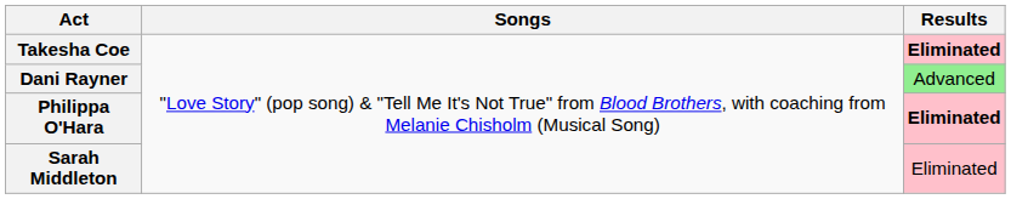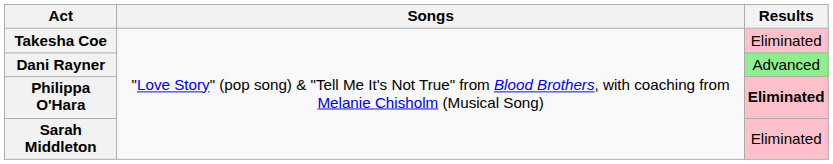 <table class="wikitable plainrowheaders" style="text-align:center;">
 <tr>
 <th scope="col">Act</th>
 <th scope="col">Songs</th>
 <th scope="col">Results</th>
 </tr>
 <tr>
 <th scope="row">Takesha Coe</th>
 <td rowspan="4">"<a href='#'>Love Story</a>" (pop song) & "Tell Me It's Not True" from <em><a href='#'>Blood Brothers</a></em>, with coaching from <a href='#'>Melanie Chisholm</a> (Musical Song)</td>
-<td style="background:pink;"><strong>Eliminated</strong></td>
+<td style="background:pink;">Eliminated</td>
 </tr>
 <tr>
 <th scope="row">Dani Rayner</th>
 <td style="background:lightgreen;">Advanced</td>
 </tr>
 <tr>
 <th scope="row">Philippa O'Hara</th>
 <td style="background:pink;"><strong>Eliminated</strong></td>
 </tr>
 <tr>
 <th scope="row">Sarah Middleton</th>
 <td style="background:pink;">Eliminated</td>
 </tr>
 </table>
